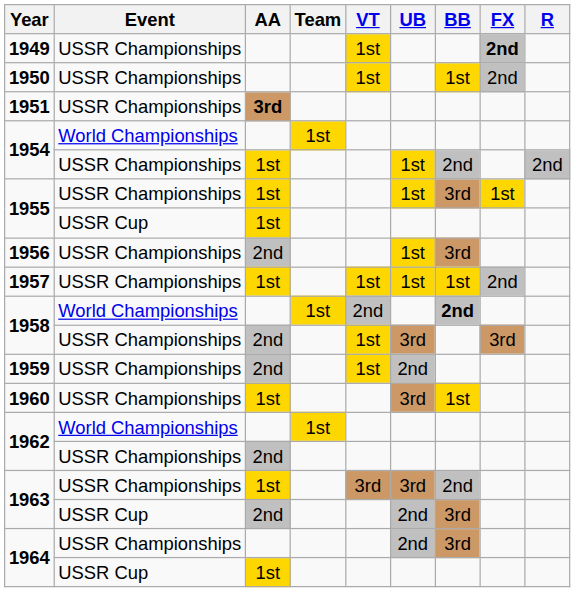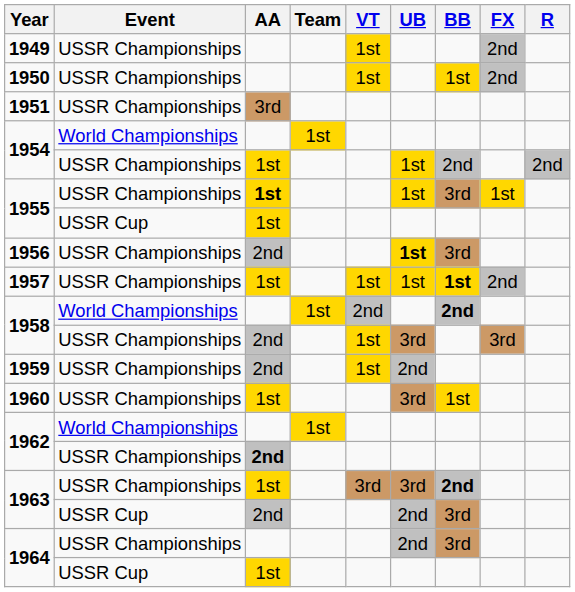 <table class="wikitable" style="text-align:center; font-size: 95%;">
 <tr>
 <th>Year</th>
 <th>Event</th>
 <th width=30px>AA</th>
 <th width=30px>Team</th>
 <th width=30px><a href='#'>VT</a></th>
 <th width=30px><a href='#'>UB</a></th>
 <th width=30px><a href='#'>BB</a></th>
 <th width=30px><a href='#'>FX</a></th>
 <th width=30px><a href='#'>R</a></th>
 </tr>
 <tr>
 <td rowspan="1"><strong>1949</strong></td>
 <td align=left>USSR Championships</td>
 <td></td>
 <td></td>
 <td bgcolor=gold>1st</td>
 <td></td>
 <td></td>
-<td bgcolor=silver><strong>2nd</strong></td>
+<td bgcolor=silver>2nd</td>
 <td></td>
 </tr>
 <tr>
 <td rowspan="1"><strong>1950</strong></td>
 <td align=left>USSR Championships</td>
 <td></td>
 <td></td>
 <td bgcolor=gold>1st</td>
 <td></td>
 <td bgcolor=gold>1st</td>
 <td bgcolor=silver>2nd</td>
 <td></td>
 </tr>
 <tr>
 <td rowspan="1"><strong>1951</strong></td>
 <td align=left>USSR Championships</td>
-<td bgcolor=CC9966><strong>3rd</strong></td>
+<td bgcolor=CC9966>3rd</td>
 <td></td>
 <td></td>
 <td></td>
 <td></td>
 <td></td>
 <td></td>
 </tr>
 <tr>
 <td rowspan="2"><strong>1954</strong></td>
 <td align=left><a href='#'>World Championships</a></td>
 <td></td>
 <td bgcolor=gold>1st</td>
 <td></td>
 <td></td>
 <td></td>
 <td></td>
 <td></td>
 </tr>
 <tr>
 <td align=left>USSR Championships</td>
 <td bgcolor=gold>1st</td>
 <td></td>
 <td></td>
 <td bgcolor=gold>1st</td>
 <td bgcolor=silver>2nd</td>
 <td></td>
 <td bgcolor=silver>2nd</td>
 </tr>
 <tr>
 <td rowspan="2"><strong>1955</strong></td>
 <td align=left>USSR Championships</td>
-<td bgcolor=gold>1st</td>
+<td bgcolor=gold><strong>1st</strong></td>
 <td></td>
 <td></td>
 <td bgcolor=gold>1st</td>
 <td bgcolor=CC9966>3rd</td>
 <td bgcolor=gold>1st</td>
 <td></td>
 </tr>
 <tr>
 <td align=left>USSR Cup</td>
 <td bgcolor=gold>1st</td>
 <td></td>
 <td></td>
 <td></td>
 <td></td>
 <td></td>
 <td></td>
 </tr>
 <tr>
 <td rowspan="1"><strong>1956</strong></td>
 <td align=left>USSR Championships</td>
 <td bgcolor=silver>2nd</td>
 <td></td>
 <td></td>
-<td bgcolor=gold>1st</td>
+<td bgcolor=gold><strong>1st</strong></td>
 <td bgcolor=CC9966>3rd</td>
 <td></td>
 <td></td>
 </tr>
 <tr>
 <td rowspan="1"><strong>1957</strong></td>
 <td align=left>USSR Championships</td>
 <td bgcolor=gold>1st</td>
 <td></td>
 <td bgcolor=gold>1st</td>
 <td bgcolor=gold>1st</td>
-<td bgcolor=gold>1st</td>
+<td bgcolor=gold><strong>1st</strong></td>
 <td bgcolor=silver>2nd</td>
 <td></td>
 </tr>
 <tr>
 <td rowspan="2"><strong>1958</strong></td>
 <td align=left><a href='#'>World Championships</a></td>
 <td></td>
 <td bgcolor=gold>1st</td>
 <td bgcolor=silver>2nd</td>
 <td></td>
 <td bgcolor=silver><strong>2nd</strong></td>
 <td></td>
 <td></td>
 </tr>
 <tr>
 <td align=left>USSR Championships</td>
 <td bgcolor=silver>2nd</td>
 <td></td>
 <td bgcolor=gold>1st</td>
 <td bgcolor=CC9966>3rd</td>
 <td></td>
 <td bgcolor=CC9966>3rd</td>
 <td></td>
 </tr>
 <tr>
 <td rowspan="1"><strong>1959</strong></td>
 <td align=left>USSR Championships</td>
 <td bgcolor=silver>2nd</td>
 <td></td>
 <td bgcolor=gold>1st</td>
 <td bgcolor=silver>2nd</td>
 <td></td>
 <td></td>
 <td></td>
 </tr>
 <tr>
 <td rowspan="1"><strong>1960</strong></td>
 <td align=left>USSR Championships</td>
 <td bgcolor=gold>1st</td>
 <td></td>
 <td></td>
 <td bgcolor=CC9966>3rd</td>
 <td bgcolor=gold>1st</td>
 <td></td>
 <td></td>
 </tr>
 <tr>
 <td rowspan="2"><strong>1962</strong></td>
 <td align=left><a href='#'>World Championships</a></td>
 <td></td>
 <td bgcolor=gold>1st</td>
 <td></td>
 <td></td>
 <td></td>
 <td></td>
 <td></td>
 </tr>
 <tr>
 <td align=left>USSR Championships</td>
-<td bgcolor=silver>2nd</td>
+<td bgcolor=silver><strong>2nd</strong></td>
 <td></td>
 <td></td>
 <td></td>
 <td></td>
 <td></td>
 <td></td>
 </tr>
 <tr>
 <td rowspan="2"><strong>1963</strong></td>
 <td align=left>USSR Championships</td>
 <td bgcolor=gold>1st</td>
 <td></td>
 <td bgcolor=CC9966>3rd</td>
 <td bgcolor=CC9966>3rd</td>
-<td bgcolor=silver>2nd</td>
+<td bgcolor=silver><strong>2nd</strong></td>
 <td></td>
 <td></td>
 </tr>
 <tr>
 <td align=left>USSR Cup</td>
 <td bgcolor=silver>2nd</td>
 <td></td>
 <td></td>
 <td bgcolor=silver>2nd</td>
 <td bgcolor=CC9966>3rd</td>
 <td></td>
 <td></td>
 </tr>
 <tr>
 <td rowspan="2"><strong>1964</strong></td>
 <td align=left>USSR Championships</td>
 <td></td>
 <td></td>
 <td></td>
 <td bgcolor=silver>2nd</td>
 <td bgcolor=CC9966>3rd</td>
 <td></td>
 <td></td>
 </tr>
 <tr>
 <td align=left>USSR Cup</td>
 <td bgcolor=gold>1st</td>
 <td></td>
 <td></td>
 <td></td>
 <td></td>
 <td></td>
 <td></td>
 </tr>
 </table>
